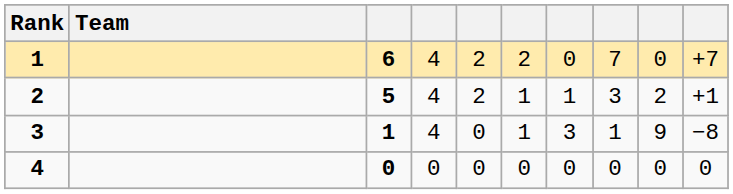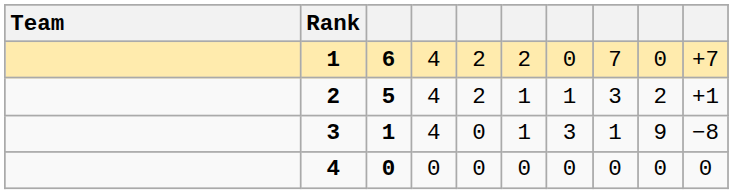 <table class="wikitable" style="text-align:center">
 <tr>
+<th width=165 style="text-align:left">Team</th>
 <th width=30>Rank</th>
-<th width=165 style="text-align:left">Team</th>
 <th width=20></th>
 <th width=20></th>
 <th width=20></th>
 <th width=20></th>
 <th width=20></th>
 <th width=20></th>
 <th width=20></th>
 <th width=20></th>
 </tr>
 <tr bgcolor="#ffebad">
+<td align="left"></td>
 <td><strong>1</strong></td>
-<td align="left"></td>
 <td><strong>6</strong></td>
 <td>4</td>
 <td>2</td>
 <td>2</td>
 <td>0</td>
 <td>7</td>
 <td>0</td>
 <td>+7</td>
 </tr>
 <tr>
+<td align="left"></td>
 <td><strong>2</strong></td>
-<td align="left"></td>
 <td><strong>5</strong></td>
 <td>4</td>
 <td>2</td>
 <td>1</td>
 <td>1</td>
 <td>3</td>
 <td>2</td>
 <td>+1</td>
 </tr>
 <tr>
+<td align="left"></td>
 <td><strong>3</strong></td>
-<td align="left"></td>
 <td><strong>1</strong></td>
 <td>4</td>
 <td>0</td>
 <td>1</td>
 <td>3</td>
 <td>1</td>
 <td>9</td>
 <td>−8</td>
 </tr>
 <tr>
+<td align="left"></td>
 <td><strong>4</strong></td>
-<td align="left"></td>
 <td><strong>0</strong></td>
 <td>0</td>
 <td>0</td>
 <td>0</td>
 <td>0</td>
 <td>0</td>
 <td>0</td>
 <td>0</td>
 </tr>
 </table>
